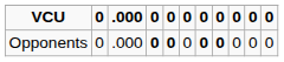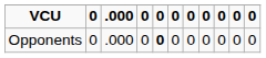 <table class="wikitable sortable">
 <tr>
 </tr>
 <tr style="text-align:center;">
 <td><strong>VCU</strong></td>
 <td><strong>0</strong></td>
 <td><strong>.000</strong></td>
 <td><strong>0</strong></td>
 <td><strong>0</strong></td>
 <td><strong>0</strong></td>
 <td><strong>0</strong></td>
 <td><strong>0</strong></td>
 <td><strong>0</strong></td>
 <td><strong>0</strong></td>
 <td><strong>0</strong></td>
 </tr>
 <tr style="text-align:center;">
 <td>Opponents</td>
 <td>0</td>
 <td>.000</td>
-<td><strong>0</strong></td>
+<td>0</td>
 <td><strong>0</strong></td>
 <td>0</td>
-<td><strong>0</strong></td>
-<td><strong>0</strong></td>
+<td>0</td>
+<td>0</td>
 <td>0</td>
 <td>0</td>
 <td>0</td>
 </tr>
 </table>
